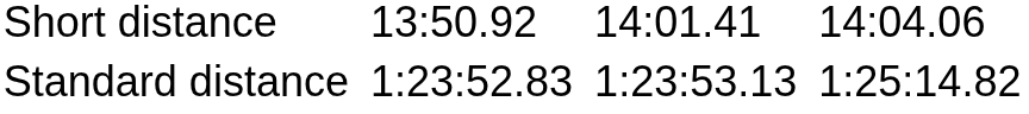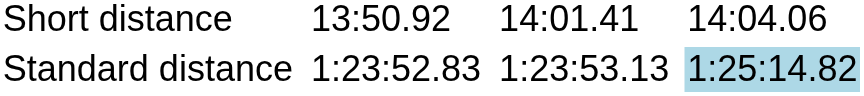 <table>
 <tr>
 <td>Short distance<br></td>
 <td></td>
 <td>13:50.92</td>
 <td></td>
 <td>14:01.41</td>
 <td></td>
 <td>14:04.06</td>
 </tr>
 <tr>
 <td>Standard distance<br></td>
 <td></td>
 <td>1:23:52.83</td>
 <td></td>
 <td>1:23:53.13</td>
 <td></td>
-<td>1:25:14.82</td>
+<td style="background: lightblue;">1:25:14.82</td>
 </tr>
 </table>
